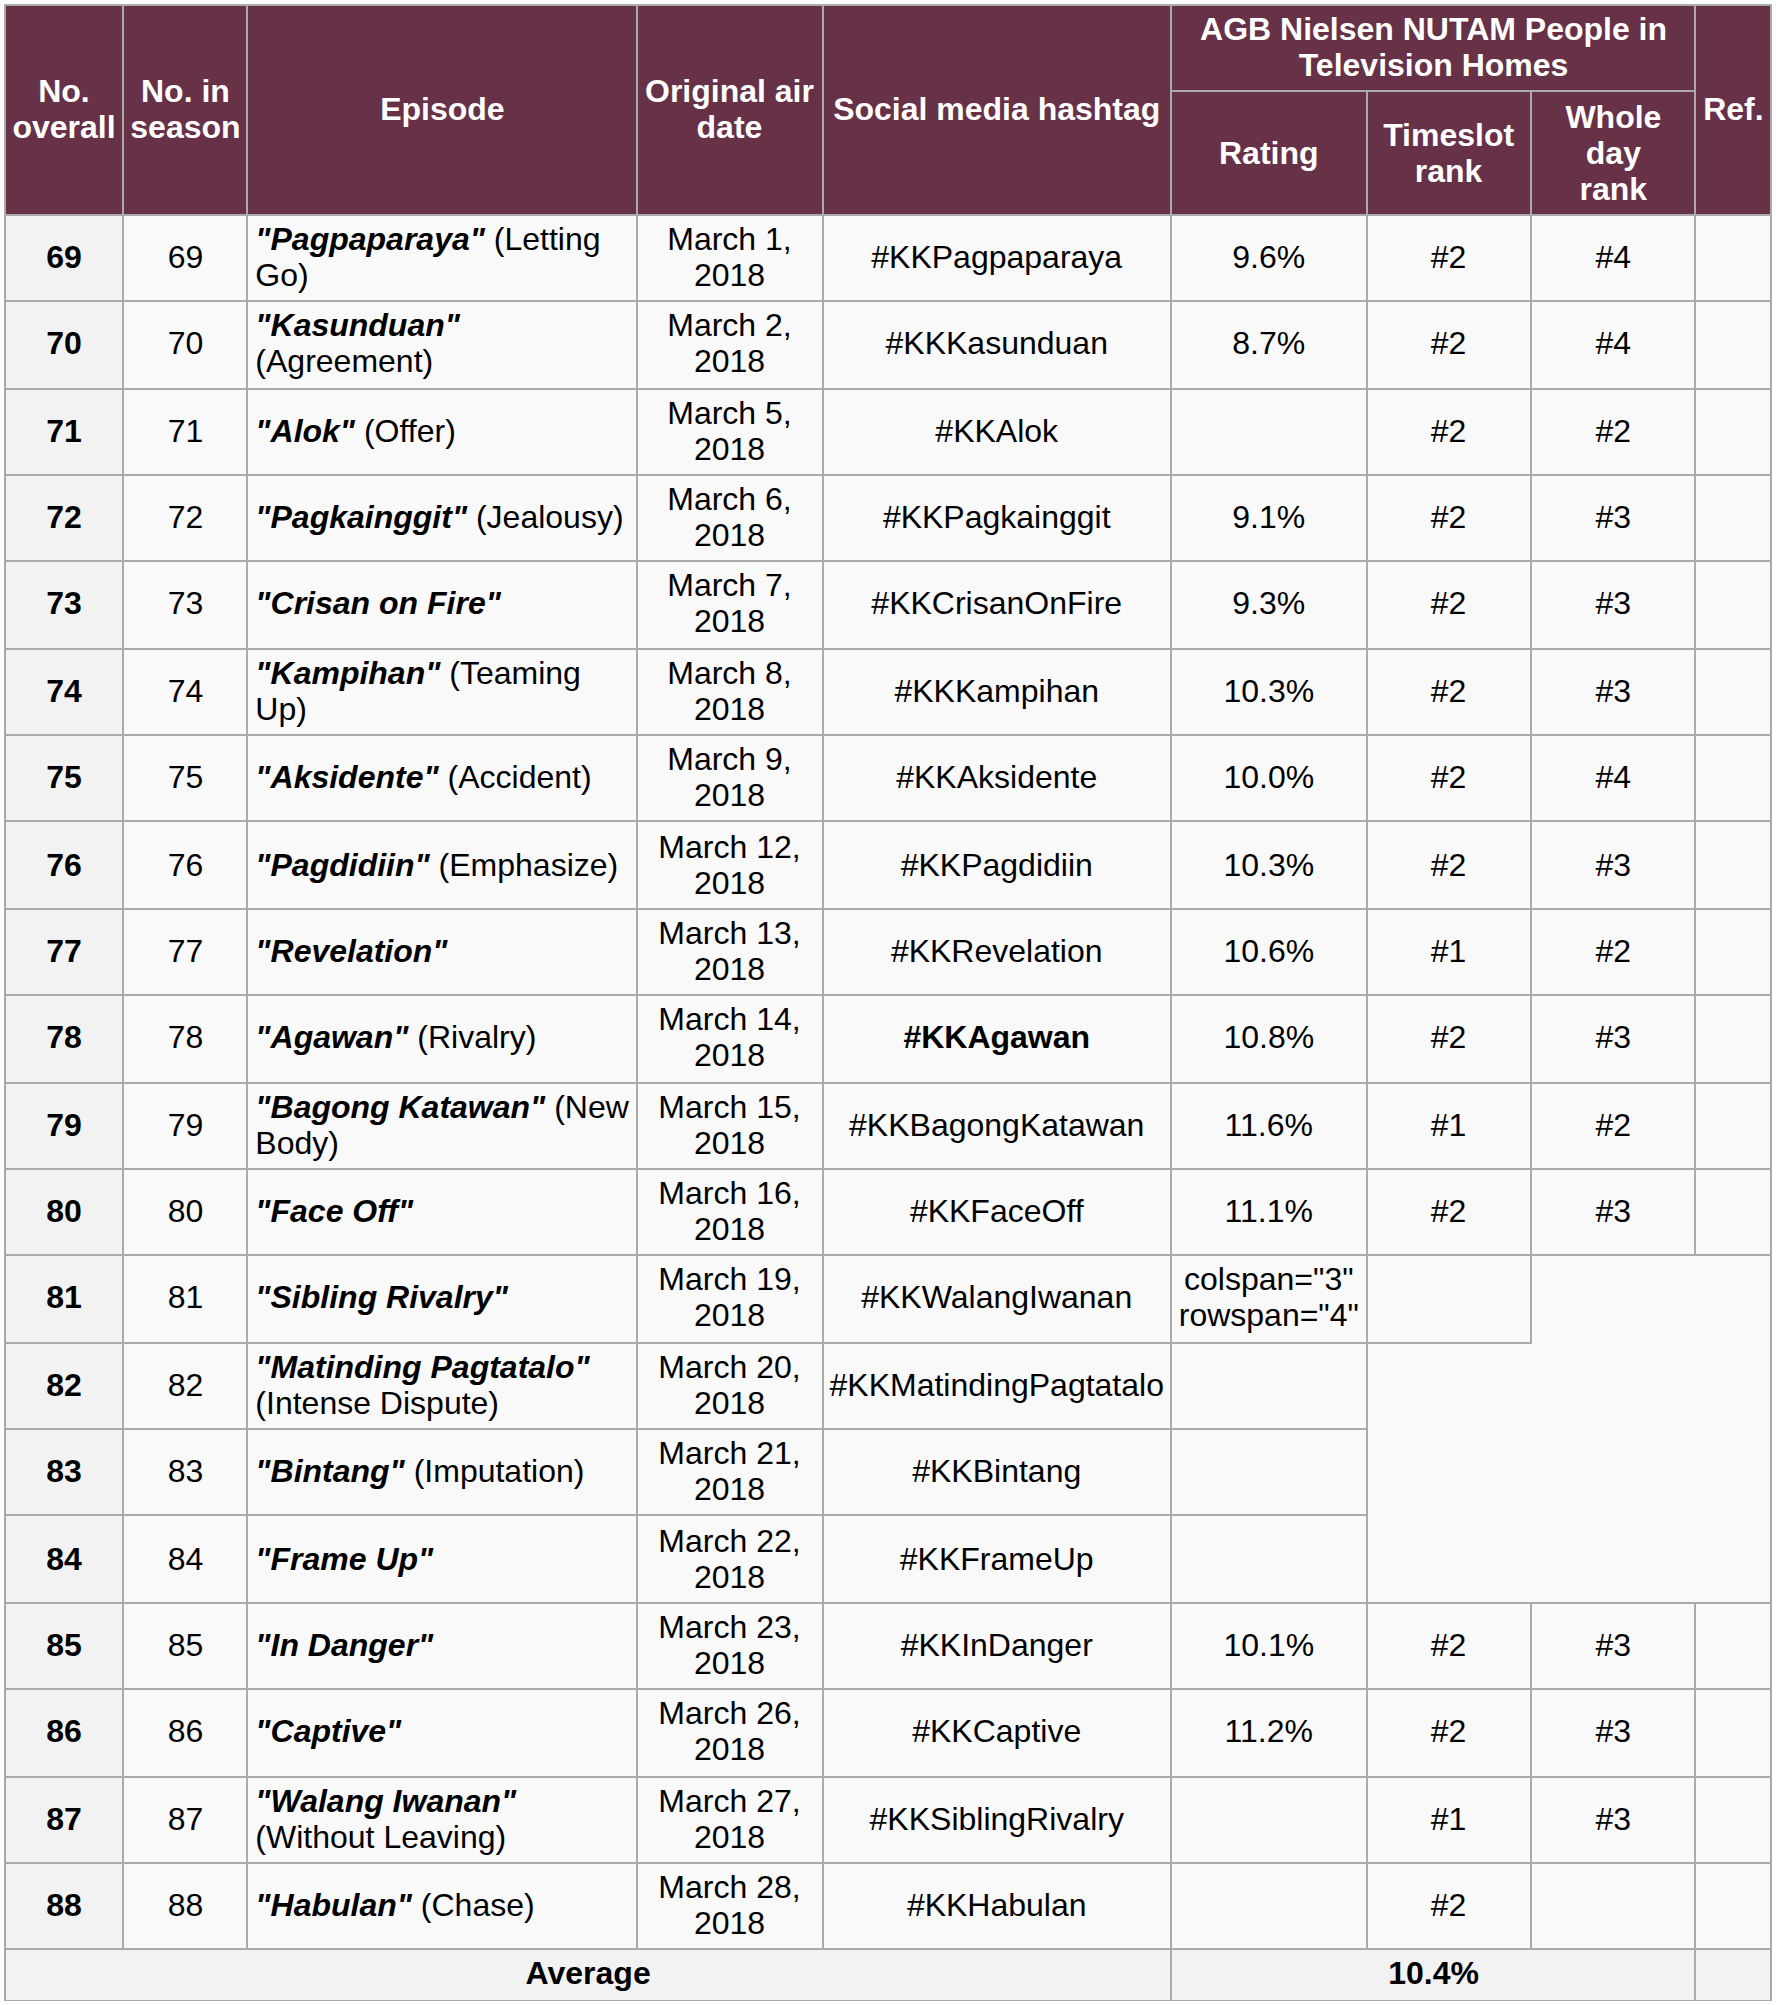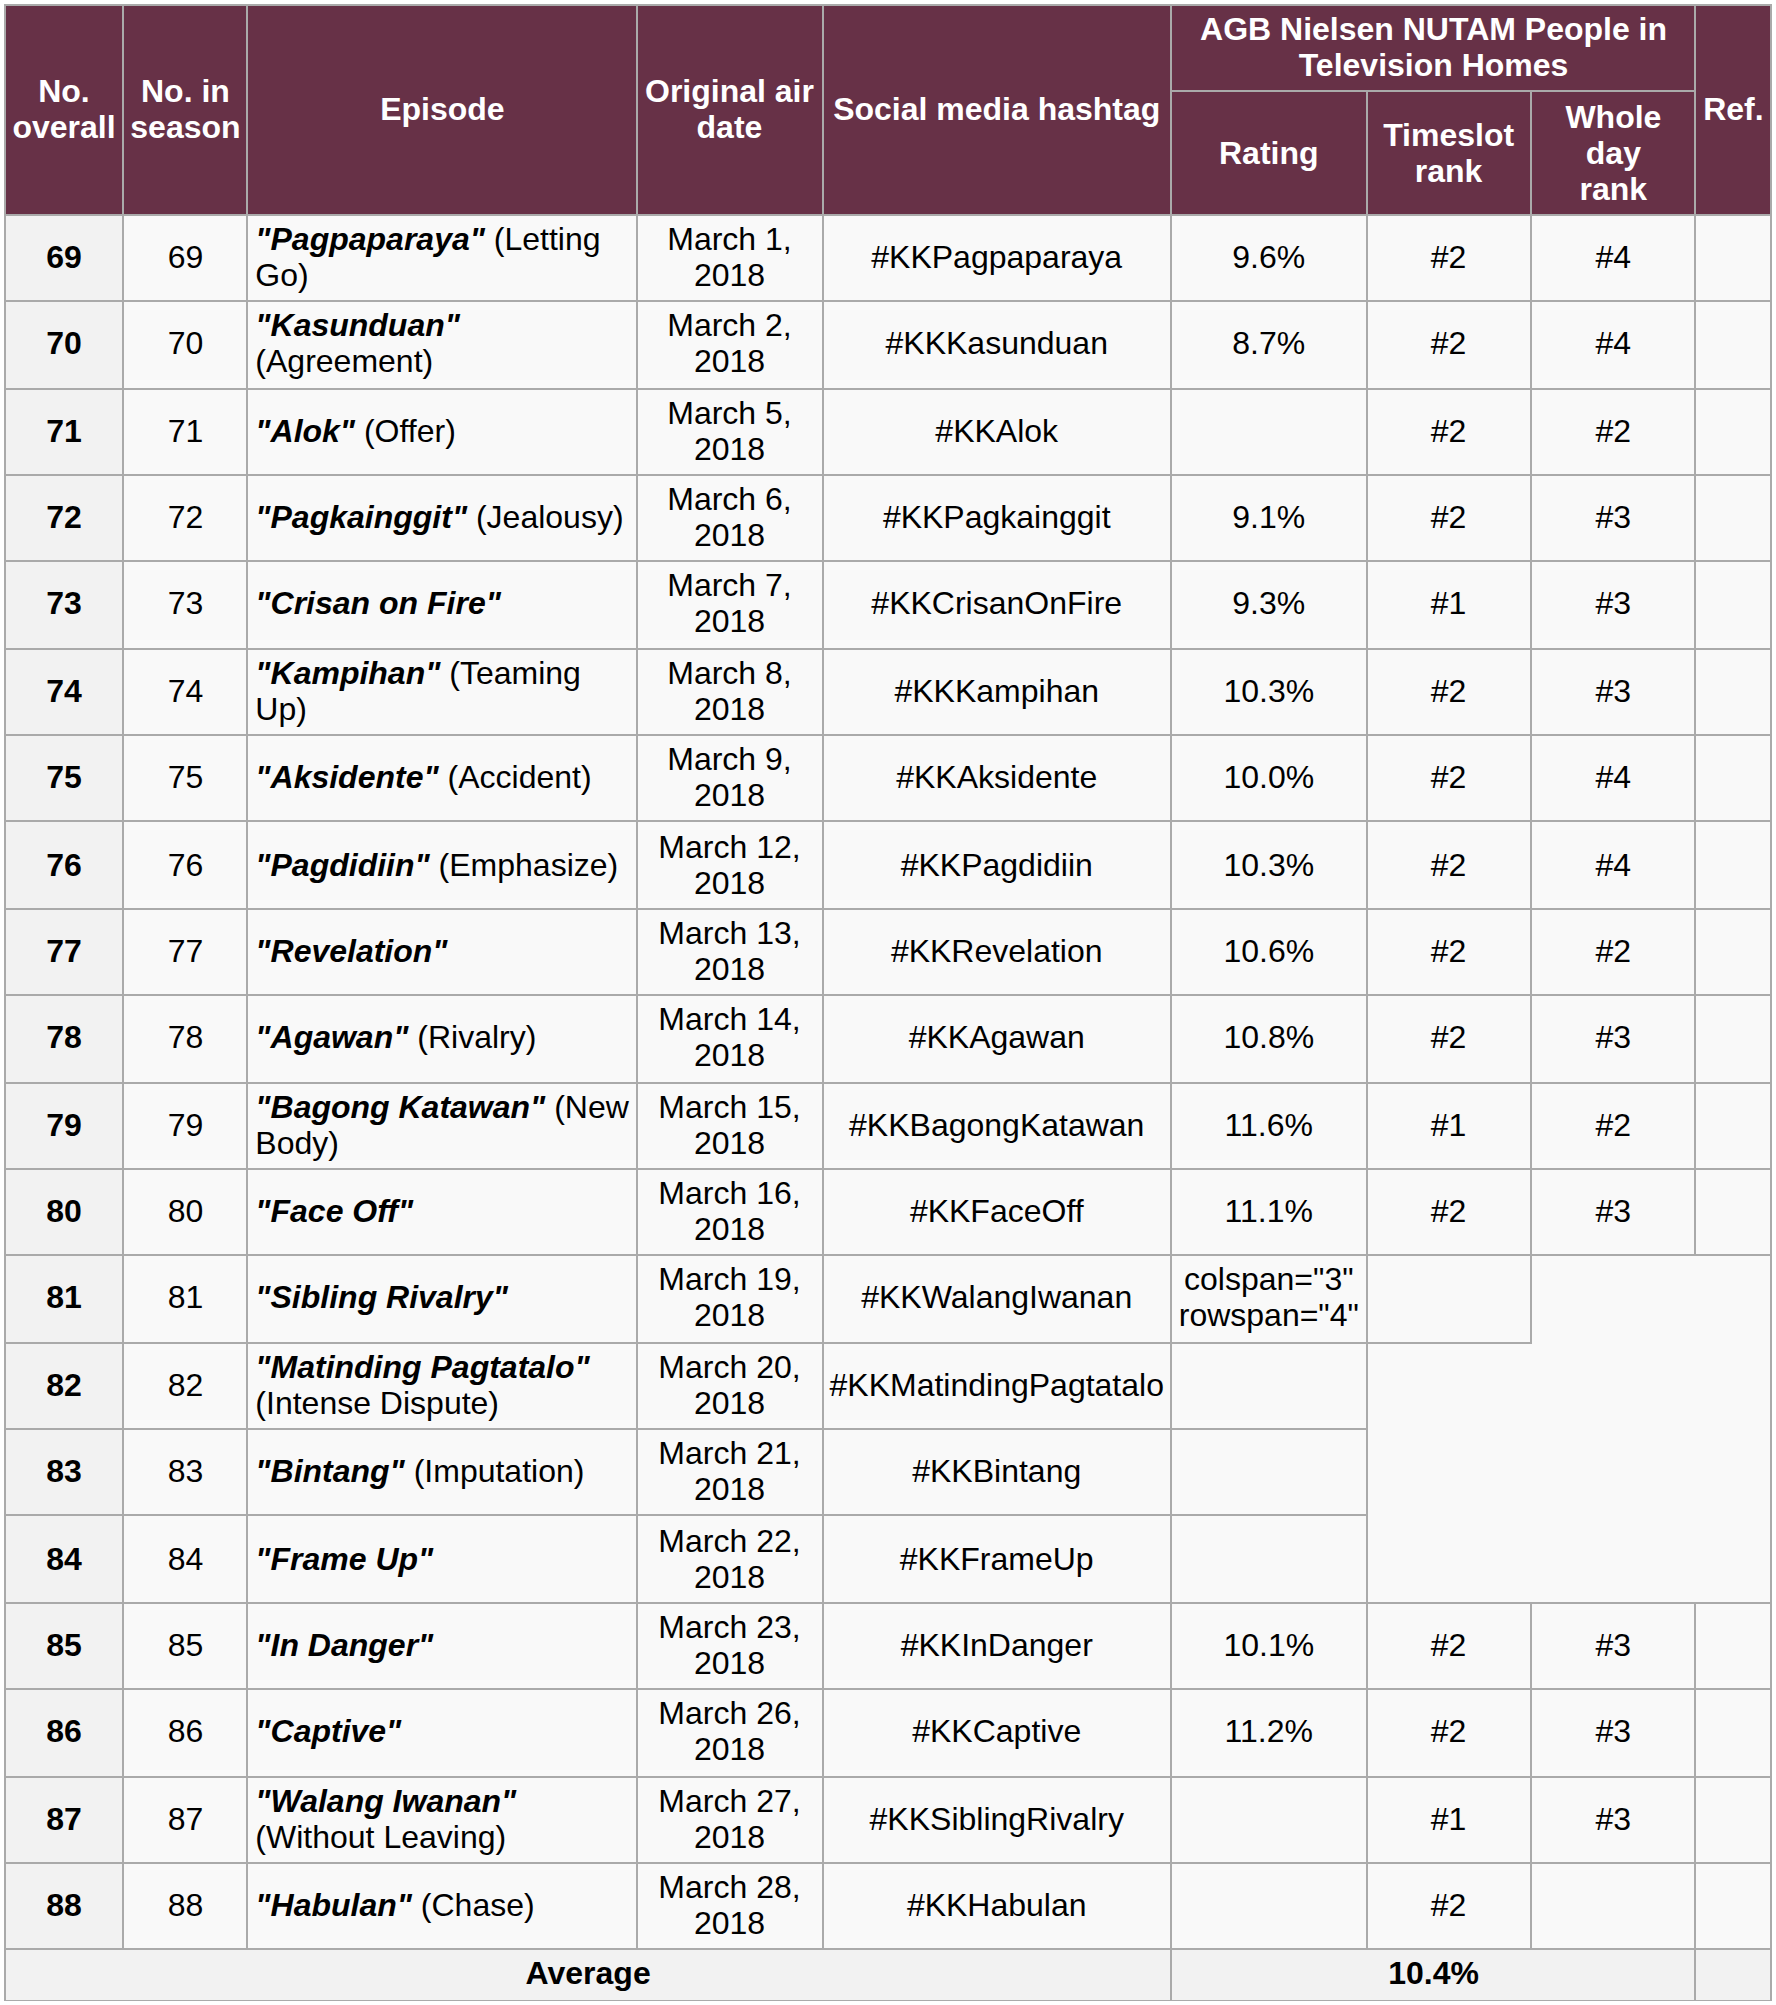 <table class="wikitable" style="text-align:center; font-size:100%; line-height:18px;" width="100%">
 <tr>
 <th style="background-color:#673147; color:#ffffff;" rowspan="2">No.<br>overall</th>
 <th style="background-color:#673147; color:#ffffff;" rowspan="2">No. in<br>season</th>
 <th style="background-color:#673147; color:#ffffff;" rowspan="2">Episode</th>
 <th style="background-color:#673147; color:white" rowspan="2">Original air date</th>
 <th style="background-color:#673147; color:white" rowspan="2">Social media hashtag</th>
 <th style="background-color:#673147; color:#ffffff;" colspan="3">AGB Nielsen NUTAM People in Television Homes</th>
 <th style="background-color:#673147; color:#ffffff;" rowspan="2">Ref.</th>
 </tr>
 <tr>
 <th style="background-color:#673147; width:75px; color:#ffffff;">Rating</th>
 <th style="background-color:#673147; width:75px; color:#ffffff;">Timeslot<br>rank</th>
 <th style="background-color:#673147; width:75px; color:#ffffff;">Whole day<br>rank</th>
 </tr>
 <tr>
 <th>69</th>
 <td>69</td>
 <td style="text-align: left;"><strong><em>"Pagpaparaya"</em></strong> (Letting Go)</td>
 <td>March 1, 2018</td>
 <td>#KKPagpaparaya</td>
 <td>9.6%</td>
 <td>#2</td>
 <td>#4</td>
 <td></td>
 </tr>
 <tr>
 <th>70</th>
 <td>70</td>
 <td style="text-align: left;"><strong><em>"Kasunduan"</em></strong> (Agreement)</td>
 <td>March 2, 2018</td>
 <td>#KKKasunduan</td>
 <td>8.7%</td>
 <td>#2</td>
 <td>#4</td>
 <td></td>
 </tr>
 <tr>
 <th>71</th>
 <td>71</td>
 <td style="text-align: left;"><strong><em>"Alok"</em></strong> (Offer)</td>
 <td>March 5, 2018</td>
 <td>#KKAlok</td>
 <td></td>
 <td>#2</td>
 <td>#2</td>
 <td></td>
 </tr>
 <tr>
 <th>72</th>
 <td>72</td>
 <td style="text-align: left;"><strong><em>"Pagkainggit"</em></strong> (Jealousy)</td>
 <td>March 6, 2018</td>
 <td>#KKPagkainggit</td>
 <td>9.1%</td>
 <td>#2</td>
 <td>#3</td>
 <td></td>
 </tr>
 <tr>
 <th>73</th>
 <td>73</td>
 <td style="text-align: left;"><strong><em>"Crisan on Fire"</em></strong></td>
 <td>March 7, 2018</td>
 <td>#KKCrisanOnFire</td>
 <td>9.3%</td>
-<td>#2</td>
+<td>#1</td>
 <td>#3</td>
 <td></td>
 </tr>
 <tr>
 <th>74</th>
 <td>74</td>
 <td style="text-align: left;"><strong><em>"Kampihan"</em></strong> (Teaming Up)</td>
 <td>March 8, 2018</td>
 <td>#KKKampihan</td>
 <td>10.3%</td>
 <td>#2</td>
 <td>#3</td>
 <td></td>
 </tr>
 <tr>
 <th>75</th>
 <td>75</td>
 <td style="text-align: left;"><strong><em>"Aksidente"</em></strong> (Accident)</td>
 <td>March 9, 2018</td>
 <td>#KKAksidente</td>
 <td>10.0%</td>
 <td>#2</td>
 <td>#4</td>
 <td></td>
 </tr>
 <tr>
 <th>76</th>
 <td>76</td>
 <td style="text-align: left;"><strong><em>"Pagdidiin"</em></strong> (Emphasize)</td>
 <td>March 12, 2018</td>
 <td>#KKPagdidiin</td>
 <td>10.3%</td>
 <td>#2</td>
-<td>#3</td>
+<td>#4</td>
 <td></td>
 </tr>
 <tr>
 <th>77</th>
 <td>77</td>
 <td style="text-align: left;"><strong><em>"Revelation"</em></strong></td>
 <td>March 13, 2018</td>
 <td>#KKRevelation</td>
 <td>10.6%</td>
-<td>#1</td>
+<td>#2</td>
 <td>#2</td>
 <td></td>
 </tr>
 <tr>
 <th>78</th>
 <td>78</td>
 <td style="text-align: left;"><strong><em>"Agawan"</em></strong> (Rivalry)</td>
 <td>March 14, 2018</td>
-<td><strong>#KKAgawan</strong></td>
+<td>#KKAgawan</td>
 <td>10.8%</td>
 <td>#2</td>
 <td>#3</td>
 <td></td>
 </tr>
 <tr>
 <th>79</th>
 <td>79</td>
 <td style="text-align: left;"><strong><em>"Bagong Katawan"</em></strong> (New Body)</td>
 <td>March 15, 2018</td>
 <td>#KKBagongKatawan</td>
 <td>11.6%</td>
 <td>#1</td>
 <td>#2</td>
 <td></td>
 </tr>
 <tr>
 <th>80</th>
 <td>80</td>
 <td style="text-align: left;"><strong><em>"Face Off"</em></strong></td>
 <td>March 16, 2018</td>
 <td>#KKFaceOff</td>
 <td>11.1%</td>
 <td>#2</td>
 <td>#3</td>
 <td></td>
 </tr>
 <tr>
 <th>81</th>
 <td>81</td>
 <td style="text-align: left;"><strong><em>"Sibling Rivalry"</em></strong></td>
 <td>March 19, 2018</td>
 <td>#KKWalangIwanan</td>
 <td>colspan="3"  rowspan="4" </td>
 <td></td>
 </tr>
 <tr>
 <th>82</th>
 <td>82</td>
 <td style="text-align: left;"><strong><em>"Matinding Pagtatalo"</em></strong> (Intense Dispute)</td>
 <td>March 20, 2018</td>
 <td>#KKMatindingPagtatalo</td>
 <td></td>
 </tr>
 <tr>
 <th>83</th>
 <td>83</td>
 <td style="text-align: left;"><strong><em>"Bintang"</em></strong> (Imputation)</td>
 <td>March 21, 2018</td>
 <td>#KKBintang</td>
 <td></td>
 </tr>
 <tr>
 <th>84</th>
 <td>84</td>
 <td style="text-align: left;"><strong><em>"Frame Up"</em></strong></td>
 <td>March 22, 2018</td>
 <td>#KKFrameUp</td>
 <td></td>
 </tr>
 <tr>
 <th>85</th>
 <td>85</td>
 <td style="text-align: left;"><strong><em>"In Danger"</em></strong></td>
 <td>March 23, 2018</td>
 <td>#KKInDanger</td>
 <td>10.1%</td>
 <td>#2</td>
 <td>#3</td>
 <td></td>
 </tr>
 <tr>
 <th>86</th>
 <td>86</td>
 <td style="text-align: left;"><strong><em>"Captive"</em></strong></td>
 <td>March 26, 2018</td>
 <td>#KKCaptive</td>
 <td>11.2%</td>
 <td>#2</td>
 <td>#3</td>
 <td></td>
 </tr>
 <tr>
 <th>87</th>
 <td>87</td>
 <td style="text-align: left;"><strong><em>"Walang Iwanan"</em></strong> (Without Leaving)</td>
 <td>March 27, 2018</td>
 <td>#KKSiblingRivalry</td>
 <td></td>
 <td>#1</td>
 <td>#3</td>
 <td></td>
 </tr>
 <tr>
 <th>88</th>
 <td>88</td>
 <td style="text-align: left;"><strong><em>"Habulan"</em></strong> (Chase)</td>
 <td>March 28, 2018</td>
 <td>#KKHabulan</td>
 <td></td>
 <td>#2</td>
 <td></td>
 <td></td>
 </tr>
 <tr>
 <th colspan="5">Average</th>
 <th colspan="3">10.4%</th>
 <th></th>
 </tr>
 </table>
